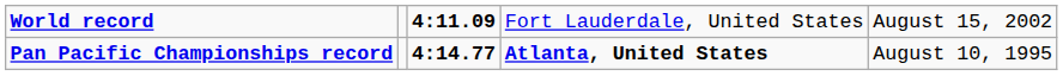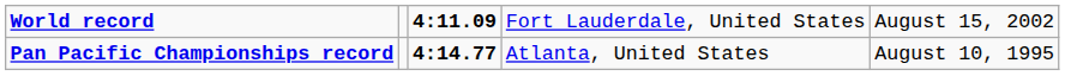 <table class="wikitable">
 <tr>
 <td><strong><a href='#'>World record</a></strong></td>
 <td></td>
 <td><strong>4:11.09</strong></td>
 <td><a href='#'>Fort Lauderdale</a>, United States</td>
 <td>August 15, 2002</td>
 </tr>
 <tr>
 <td><strong><a href='#'>Pan Pacific Championships record</a></strong></td>
 <td></td>
 <td><strong>4:14.77</strong></td>
-<td><strong><a href='#'>Atlanta</a>, United States</strong></td>
+<td><a href='#'>Atlanta</a>, United States</td>
 <td>August 10, 1995</td>
 </tr>
 </table>
